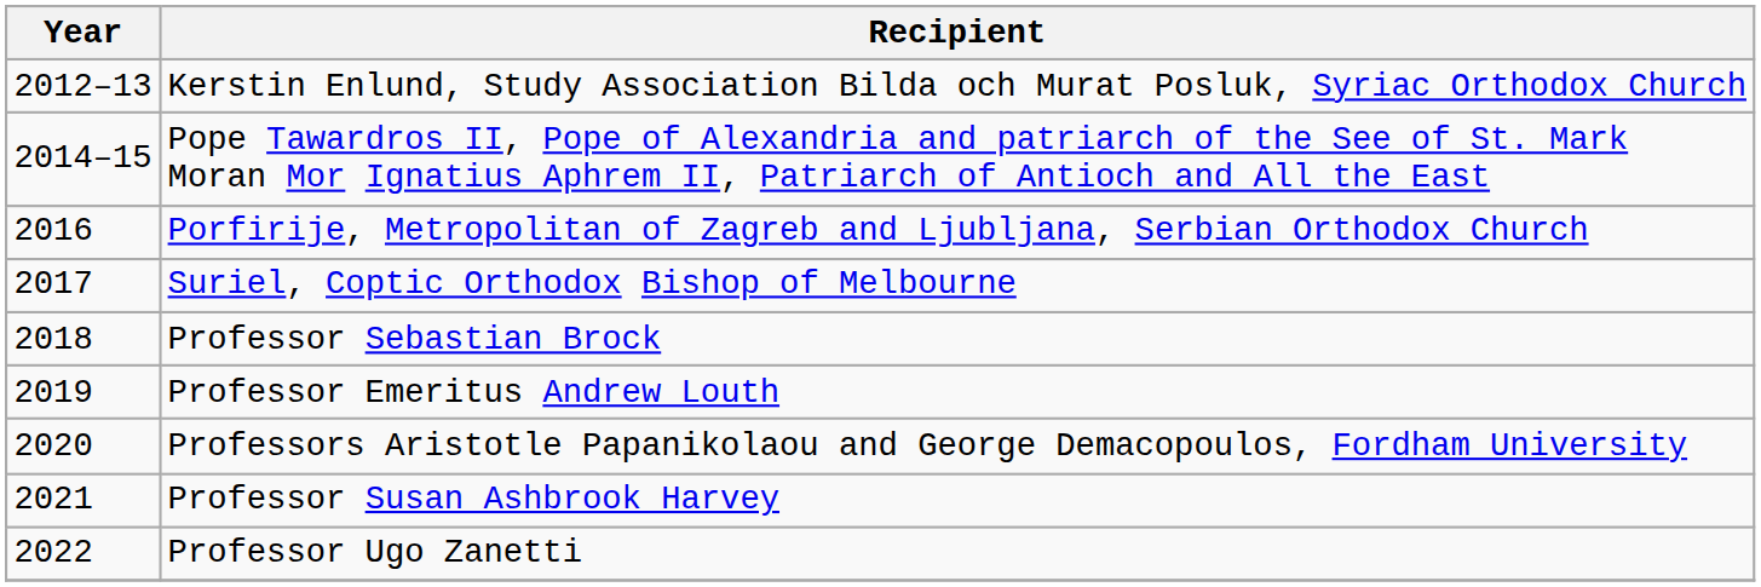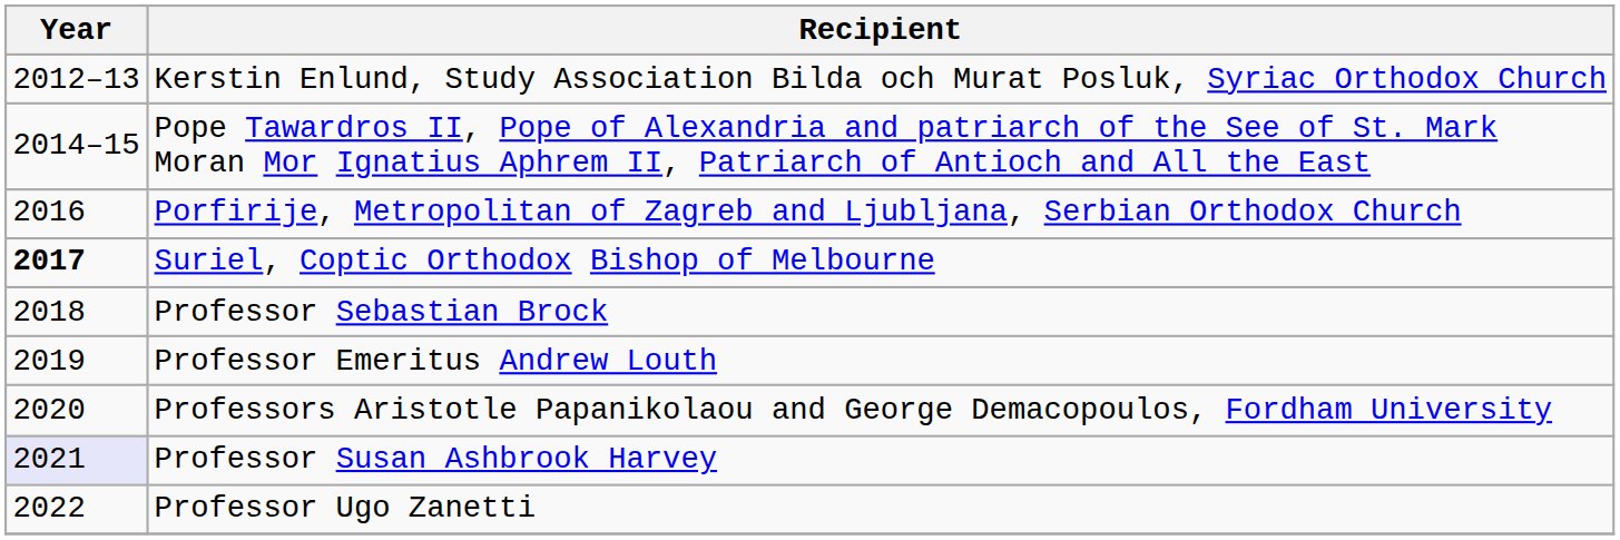 <table class="wikitable">
 <tr>
 <th>Year</th>
 <th>Recipient</th>
 </tr>
 <tr>
 <td>2012–13</td>
 <td>Kerstin Enlund, Study Association Bilda och Murat Posluk, <a href='#'>Syriac Orthodox Church</a></td>
 </tr>
 <tr>
 <td>2014–15</td>
 <td>Pope <a href='#'>Tawardros II</a>, <a href='#'>Pope of Alexandria and patriarch of the See of St. Mark</a> <br> Moran <a href='#'>Mor</a> <a href='#'>Ignatius Aphrem II</a>, <a href='#'>Patriarch of Antioch and All the East</a></td>
 </tr>
 <tr>
 <td>2016</td>
 <td><a href='#'>Porfirije</a>, <a href='#'>Metropolitan of Zagreb and Ljubljana</a>, <a href='#'>Serbian Orthodox Church</a></td>
 </tr>
 <tr>
-<td>2017</td>
+<td><strong>2017</strong></td>
 <td><a href='#'>Suriel</a>, <a href='#'>Coptic Orthodox</a> <a href='#'>Bishop of Melbourne</a></td>
 </tr>
 <tr>
 <td>2018</td>
 <td>Professor <a href='#'>Sebastian Brock</a></td>
 </tr>
 <tr>
 <td>2019</td>
 <td>Professor Emeritus <a href='#'>Andrew Louth</a></td>
 </tr>
 <tr>
 <td>2020</td>
 <td>Professors Aristotle Papanikolaou and George Demacopoulos, <a href='#'>Fordham University</a></td>
 </tr>
 <tr>
-<td>2021</td>
+<td style="background: lavender;">2021</td>
 <td>Professor <a href='#'>Susan Ashbrook Harvey</a></td>
 </tr>
 <tr>
 <td>2022</td>
 <td>Professor Ugo Zanetti</td>
 </tr>
 <tr>
 </tr>
 </table>
